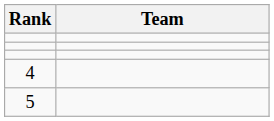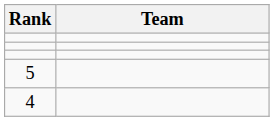 <table class=wikitable style="text-align:center;">
 <tr>
 <th>Rank</th>
 <th width=180>Team</th>
 </tr>
 <tr>
 <td></td>
 <td align=left></td>
 </tr>
 <tr>
 <td></td>
 <td align=left></td>
 </tr>
 <tr>
 <td></td>
 <td align=left></td>
 </tr>
 <tr>
+<td>5</td>
+<td align=left></td>
+</tr>
+<tr>
 <td>4</td>
 <td align=left></td>
 </tr>
-<tr>
-<td>5</td>
-<td align=left></td>
-</tr>
 </table>
